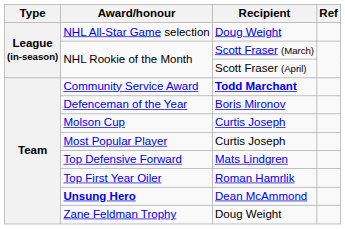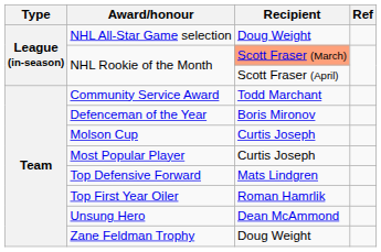 <table class="wikitable">
 <tr>
 <th scope="col">Type</th>
 <th scope="col">Award/honour</th>
 <th scope="col">Recipient</th>
 <th scope="col">Ref</th>
 </tr>
 <tr>
 <th scope="row" rowspan=3>League<br><small>(in-season)</small></th>
 <td><a href='#'>NHL All-Star Game</a> selection</td>
 <td><a href='#'>Doug Weight</a></td>
 <td></td>
 </tr>
 <tr>
 <td rowspan=2>NHL Rookie of the Month</td>
-<td><a href='#'>Scott Fraser</a> <small>(March)</small></td>
+<td style="background: lightsalmon;"><a href='#'>Scott Fraser</a> <small>(March)</small></td>
 <td rowspan=2></td>
 </tr>
 <tr>
 <td>Scott Fraser <small>(April)</small></td>
 </tr>
 <tr>
 <th scope="row" rowspan="9">Team</th>
 <td><a href='#'>Community Service Award</a></td>
-<td><strong><a href='#'>Todd Marchant</a></strong></td>
+<td><a href='#'>Todd Marchant</a></td>
 <td></td>
 </tr>
 <tr>
 <td><a href='#'>Defenceman of the Year</a></td>
 <td><a href='#'>Boris Mironov</a></td>
 <td></td>
 </tr>
 <tr>
 <td><a href='#'>Molson Cup</a></td>
 <td><a href='#'>Curtis Joseph</a></td>
 <td></td>
 </tr>
 <tr>
 <td><a href='#'>Most Popular Player</a></td>
 <td>Curtis Joseph</td>
 <td></td>
 </tr>
 <tr>
 <td><a href='#'>Top Defensive Forward</a></td>
 <td><a href='#'>Mats Lindgren</a></td>
 <td></td>
 </tr>
 <tr>
 <td><a href='#'>Top First Year Oiler</a></td>
 <td><a href='#'>Roman Hamrlik</a></td>
 <td></td>
 </tr>
 <tr>
-<td><strong><a href='#'>Unsung Hero</a></strong></td>
+<td><a href='#'>Unsung Hero</a></td>
 <td><a href='#'>Dean McAmmond</a></td>
 <td></td>
 </tr>
 <tr>
 <td><a href='#'>Zane Feldman Trophy</a></td>
 <td>Doug Weight</td>
 <td></td>
 </tr>
 </table>
